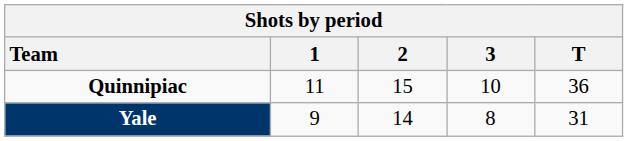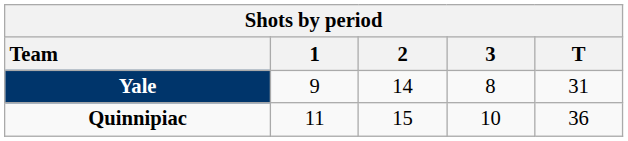 <table class="wikitable" style="width:30em; text-align:right;">
 <tr>
 <th colspan=5>Shots by period</th>
 </tr>
 <tr>
 <th style="width:10em; text-align:left;">Team</th>
 <th style="width:3em;">1</th>
 <th style="width:3em;">2</th>
 <th style="width:3em;">3</th>
 <th style="width:3em;">T</th>
 </tr>
 <tr>
+<td align=center style="color:white; background:#00356B"><strong>Yale</strong></td>
+<td align=center>9</td>
+<td align=center>14</td>
+<td align=center>8</td>
+<td align=center>31</td>
+</tr>
+<tr>
 <td align=center><strong>Quinnipiac</strong></td>
 <td align=center>11</td>
 <td align=center>15</td>
 <td align=center>10</td>
 <td align=center>36</td>
 </tr>
-<tr>
-<td align=center style="color:white; background:#00356B"><strong>Yale</strong></td>
-<td align=center>9</td>
-<td align=center>14</td>
-<td align=center>8</td>
-<td align=center>31</td>
-</tr>
 </table>
